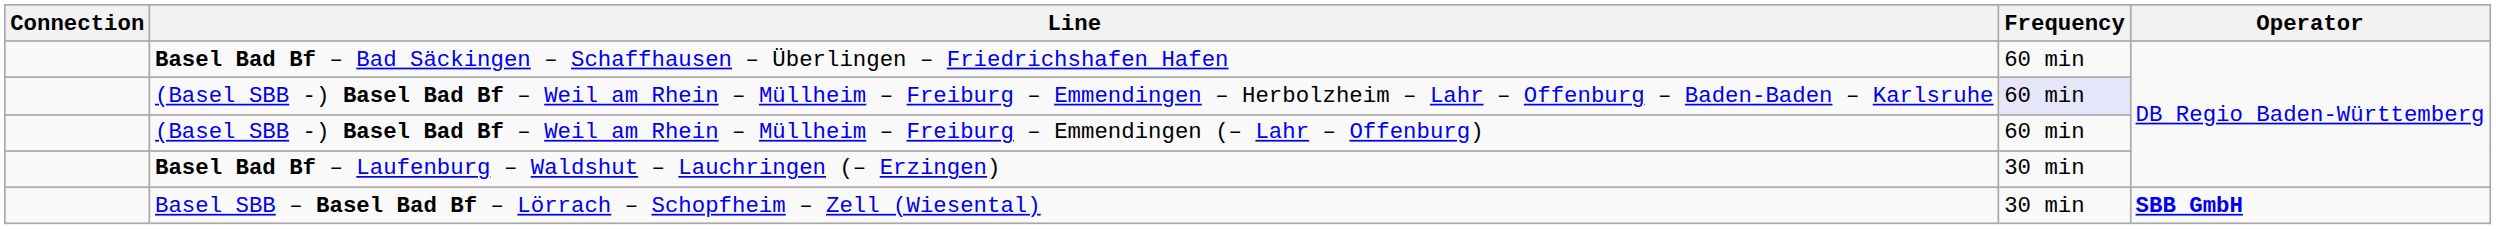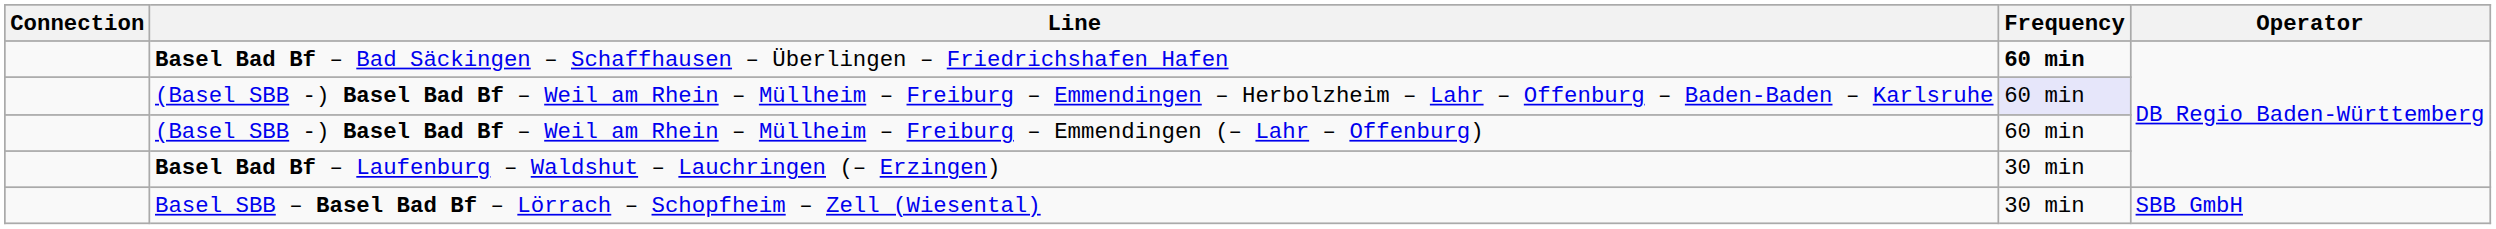 <table class="wikitable">
 <tr>
 <th>Connection</th>
 <th>Line</th>
 <th>Frequency</th>
 <th>Operator</th>
 </tr>
 <tr>
 <td align="center"></td>
 <td><strong>Basel Bad Bf</strong> – <a href='#'>Bad Säckingen</a> – <a href='#'>Schaffhausen</a> – Überlingen – <a href='#'>Friedrichshafen Hafen</a></td>
-<td>60 min</td>
+<td><strong>60 min</strong></td>
 <td rowspan="4"><a href='#'>DB Regio Baden-Württemberg</a></td>
 </tr>
 <tr>
 <td style="text-align:center;"></td>
 <td><a href='#'>(Basel SBB</a> -) <strong>Basel Bad Bf</strong> – <a href='#'>Weil am Rhein</a> – <a href='#'>Müllheim</a> – <a href='#'>Freiburg</a> – <a href='#'>Emmendingen</a> – Herbolzheim – <a href='#'>Lahr</a> – <a href='#'>Offenburg</a> – <a href='#'>Baden-Baden</a> – <a href='#'>Karlsruhe</a></td>
 <td style="background: lavender;">60 min</td>
 </tr>
 <tr>
 <td align="center"></td>
 <td><a href='#'>(Basel SBB</a> -) <strong>Basel Bad Bf</strong> – <a href='#'>Weil am Rhein</a> – <a href='#'>Müllheim</a> – <a href='#'>Freiburg</a> – Emmendingen (– <a href='#'>Lahr</a> – <a href='#'>Offenburg</a>)</td>
 <td>60 min</td>
 </tr>
 <tr>
 <td align="center"></td>
 <td><strong>Basel Bad Bf</strong> – <a href='#'>Laufenburg</a> – <a href='#'>Waldshut</a> – <a href='#'>Lauchringen</a> (– <a href='#'>Erzingen</a>)</td>
 <td>30 min</td>
 </tr>
 <tr>
 <td align="center"></td>
 <td><a href='#'>Basel SBB</a> – <strong>Basel Bad Bf</strong> – <a href='#'>Lörrach</a> – <a href='#'>Schopfheim</a> – <a href='#'>Zell (Wiesental)</a></td>
 <td>30 min</td>
-<td><strong><a href='#'>SBB GmbH</a></strong></td>
+<td><a href='#'>SBB GmbH</a></td>
 </tr>
 </table>
